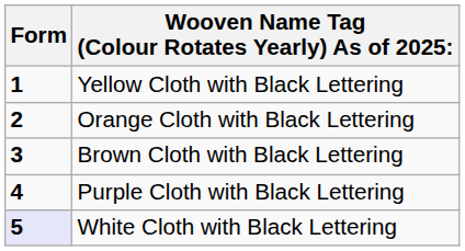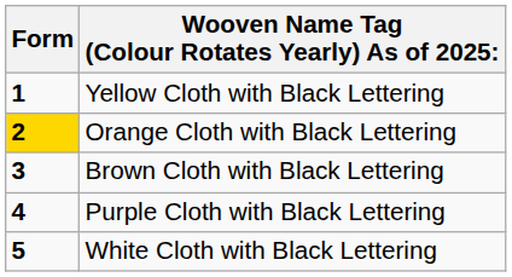 <table class="wikitable">
 <tr>
 <th>Form</th>
 <th>Wooven Name Tag<br>(Colour Rotates Yearly) As of 2025:</th>
 </tr>
 <tr>
 <td><strong>1</strong></td>
 <td>Yellow Cloth with Black Lettering</td>
 </tr>
 <tr>
-<td><strong>2</strong></td>
+<td style="background: gold;"><strong>2</strong></td>
 <td>Orange Cloth with Black Lettering</td>
 </tr>
 <tr>
 <td><strong>3</strong></td>
 <td>Brown Cloth with Black Lettering</td>
 </tr>
 <tr>
 <td><strong>4</strong></td>
 <td>Purple Cloth with Black Lettering</td>
 </tr>
 <tr>
-<td style="background: lavender;"><strong>5</strong></td>
+<td><strong>5</strong></td>
 <td>White Cloth with Black Lettering</td>
 </tr>
 </table>
